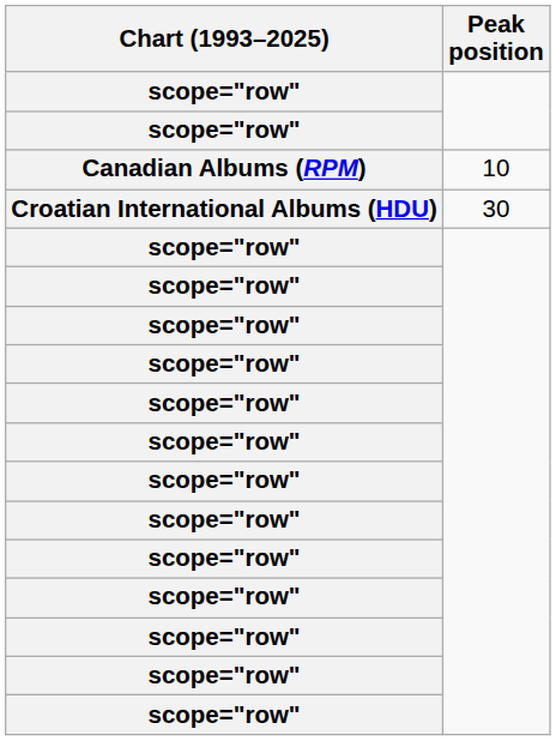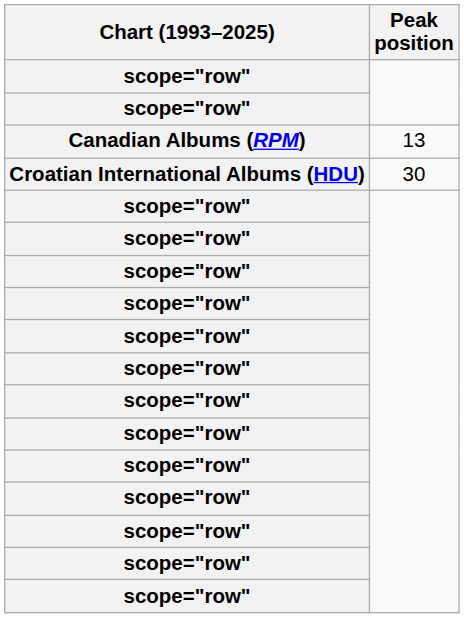 <table class="wikitable sortable plainrowheaders" style="text-align:center;">
 <tr>
 <th scope="col">Chart (1993–2025)</th>
 <th scope="col">Peak<br>position</th>
 </tr>
 <tr>
 <th>scope="row" </th>
 </tr>
 <tr>
 <th>scope="row" </th>
 </tr>
 <tr>
 <th scope="row">Canadian Albums (<a href='#'><em>RPM</em></a>)</th>
-<td>10</td>
+<td>13</td>
 </tr>
 <tr>
 <th scope="row">Croatian International Albums (<a href='#'>HDU</a>)</th>
 <td>30</td>
 </tr>
 <tr>
 <th>scope="row" </th>
 </tr>
 <tr>
 <th>scope="row" </th>
 </tr>
 <tr>
 <th>scope="row" </th>
 </tr>
 <tr>
 <th>scope="row" </th>
 </tr>
 <tr>
 <th>scope="row" </th>
 </tr>
 <tr>
 <th>scope="row" </th>
 </tr>
 <tr>
 <th>scope="row" </th>
 </tr>
 <tr>
 <th>scope="row" </th>
 </tr>
 <tr>
 <th>scope="row"</th>
 </tr>
 <tr>
 <th>scope="row"</th>
 </tr>
 <tr>
 <th>scope="row" </th>
 </tr>
 <tr>
 <th>scope="row" </th>
 </tr>
 <tr>
 <th>scope="row" </th>
 </tr>
 </table>
